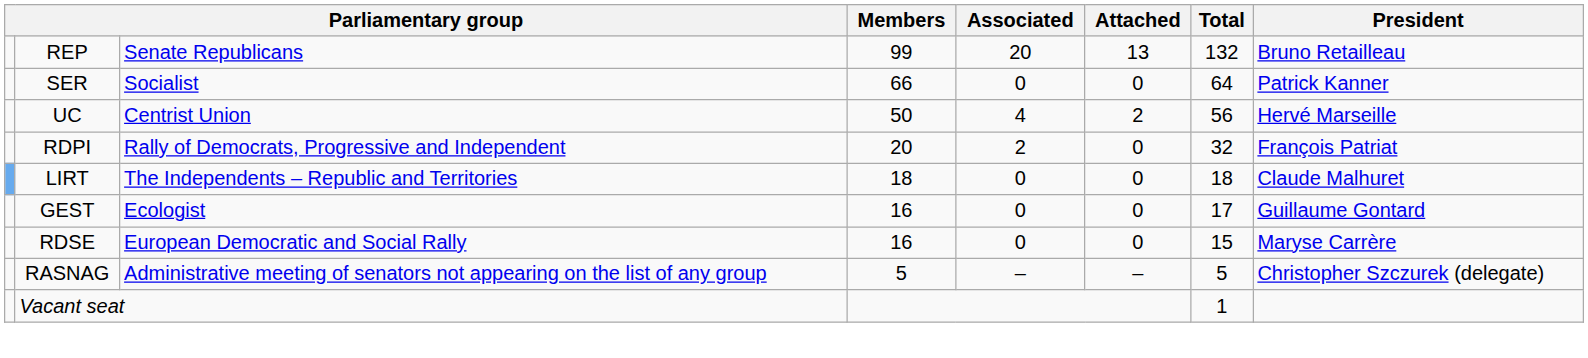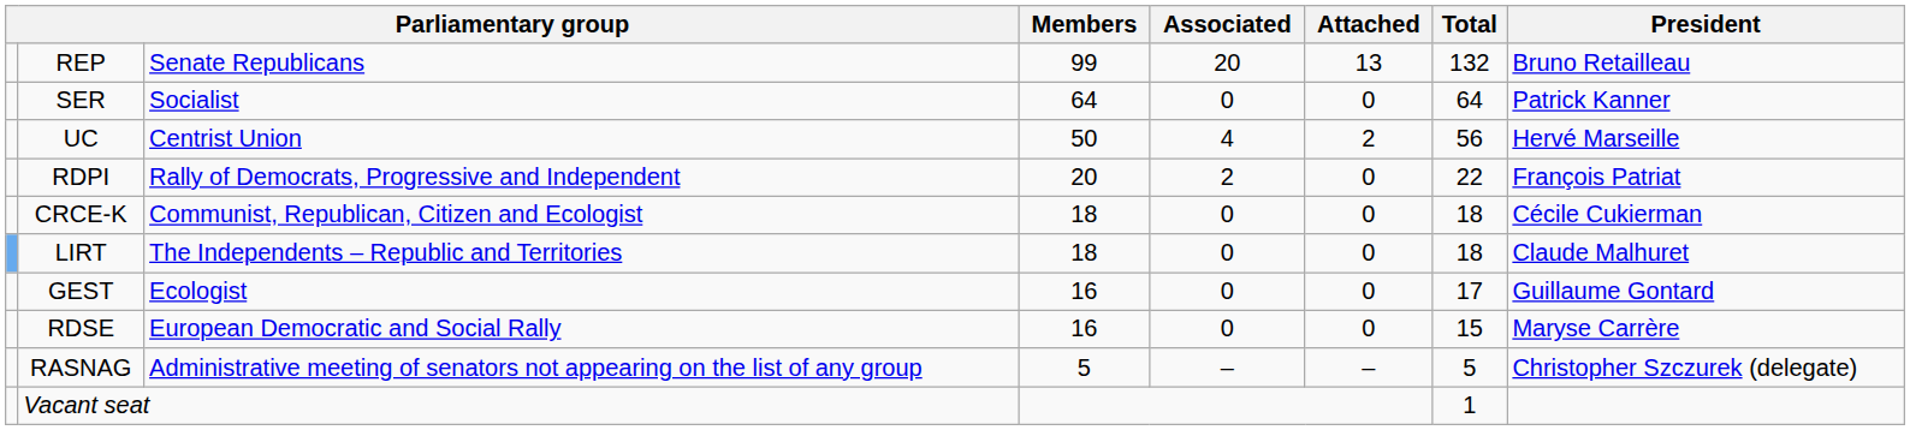 <table class="wikitable" style="width:100%;text-align:center">
 <tr style="background-color:#E9E9E9">
 <th colspan="3">Parliamentary group</th>
 <th>Members</th>
 <th>Associated</th>
 <th>Attached</th>
 <th>Total</th>
 <th>President</th>
 </tr>
 <tr>
 <td style="background:"></td>
 <td>REP</td>
 <td style="text-align:left"><a href='#'>Senate Republicans</a></td>
 <td>99</td>
 <td>20</td>
 <td>13</td>
 <td>132</td>
 <td style="text-align:left"><a href='#'>Bruno Retailleau</a></td>
 </tr>
 <tr>
 <td style="background:"></td>
 <td>SER</td>
 <td style="text-align:left"><a href='#'>Socialist</a></td>
-<td>66</td>
+<td>64</td>
 <td>0</td>
 <td>0</td>
 <td>64</td>
 <td style="text-align:left"><a href='#'>Patrick Kanner</a></td>
 </tr>
 <tr>
 <td style="background:"></td>
 <td>UC</td>
 <td style="text-align:left"><a href='#'>Centrist Union</a></td>
 <td>50</td>
 <td>4</td>
 <td>2</td>
 <td>56</td>
 <td style="text-align:left"><a href='#'>Hervé Marseille</a></td>
 </tr>
 <tr>
 <td style="background:"></td>
 <td>RDPI</td>
 <td style="text-align:left"><a href='#'>Rally of Democrats, Progressive and Independent</a></td>
 <td>20</td>
 <td>2</td>
 <td>0</td>
-<td>32</td>
+<td>22</td>
 <td style="text-align:left"><a href='#'>François Patriat</a></td>
+</tr>
+<tr>
+<td style="background:"></td>
+<td>CRCE-K</td>
+<td style="text-align:left"><a href='#'>Communist, Republican, Citizen and Ecologist</a></td>
+<td>18</td>
+<td>0</td>
+<td>0</td>
+<td>18</td>
+<td style="text-align:left"><a href='#'>Cécile Cukierman</a></td>
 </tr>
 <tr>
 <td style="background:#66AAEE"></td>
 <td>LIRT</td>
 <td style="text-align:left"><a href='#'>The Independents – Republic and Territories</a></td>
 <td>18</td>
 <td>0</td>
 <td>0</td>
 <td>18</td>
 <td style="text-align:left"><a href='#'>Claude Malhuret</a></td>
 </tr>
 <tr>
 <td style="background:"></td>
 <td>GEST</td>
 <td style="text-align:left"><a href='#'>Ecologist</a></td>
 <td>16</td>
 <td>0</td>
 <td>0</td>
 <td>17</td>
 <td style="text-align:left"><a href='#'>Guillaume Gontard</a></td>
 </tr>
 <tr>
 <td style="background:"></td>
 <td>RDSE</td>
 <td style="text-align:left"><a href='#'>European Democratic and Social Rally</a></td>
 <td>16</td>
 <td>0</td>
 <td>0</td>
 <td>15</td>
 <td style="text-align:left"><a href='#'>Maryse Carrère</a></td>
 </tr>
 <tr>
 <td style="background:"></td>
 <td>RASNAG</td>
 <td style="text-align:left"><a href='#'>Administrative meeting of senators not appearing on the list of any group</a></td>
 <td>5</td>
 <td>–</td>
 <td>–</td>
 <td>5</td>
 <td style="text-align:left"><a href='#'>Christopher Szczurek</a> (delegate)</td>
 </tr>
 <tr>
 <td style="background:"></td>
 <td colspan=2 style="text-align:left"><em>Vacant seat</em></td>
 <td colspan=3></td>
 <td>1</td>
 <td></td>
 </tr>
 </table>
